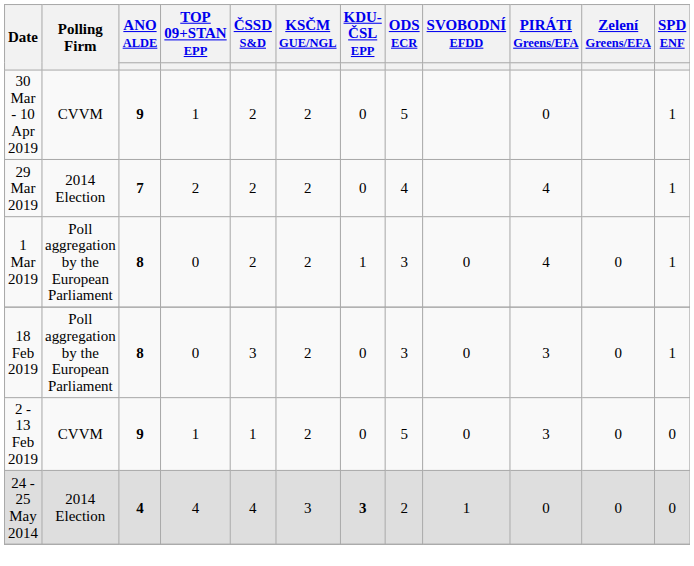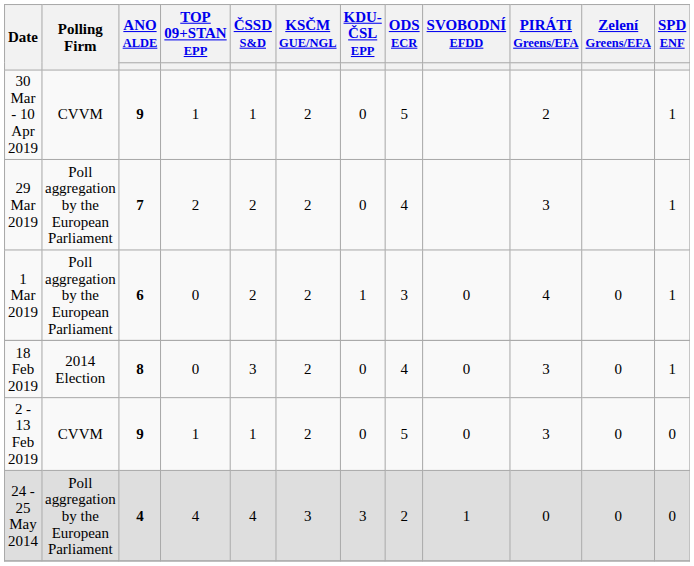 <table class="wikitable sortable" style="text-align:center; font-size:90%; line-height:16px; width:100%">
 <tr style="height:42px;">
 <th style="width:90px;" rowspan="2">Date</th>
 <th style="width:200px;" rowspan="2">Polling Firm</th>
 <th><a href='#'><span>ANO</span></a><br><small><a href='#'>ALDE</a></small></th>
 <th><a href='#'><span>TOP 09+STAN</span></a><br><small><a href='#'>EPP</a></small></th>
 <th><a href='#'><span>ČSSD</span></a><br><small><a href='#'>S&D</a></small></th>
 <th><a href='#'><span>KSČM</span></a><br><small><a href='#'>GUE/NGL</a></small></th>
 <th><a href='#'><span>KDU-ČSL</span></a><br><small><a href='#'>EPP</a></small></th>
 <th><a href='#'><span>ODS</span></a><br><small><a href='#'>ECR</a></small></th>
 <th><a href='#'><span>SVOBODNÍ</span></a><br><small><a href='#'>EFDD</a></small></th>
 <th><a href='#'><span>PIRÁTI</span></a><br><small><a href='#'>Greens/EFA</a></small></th>
 <th><a href='#'><span>Zelení</span></a><br><small><a href='#'>Greens/EFA</a></small></th>
 <th><a href='#'><span>SPD</span></a><br><small><a href='#'>ENF</a></small></th>
 </tr>
 <tr>
 <th style="color:inherit;background:"></th>
 <th style="color:inherit;background:"></th>
 <th style="color:inherit;background:"></th>
 <th style="color:inherit;background:"></th>
 <th style="color:inherit;background:"></th>
 <th style="color:inherit;background:"></th>
 <th style="color:inherit;background:"></th>
 <th style="color:inherit;background:"></th>
 <th style="color:inherit;background:"></th>
 <th style="color:inherit;background:"></th>
 </tr>
 <tr>
 <td data-sort-value="2019-04-10">30 Mar - 10 Apr 2019</td>
 <td>CVVM</td>
 <td><strong>9</strong></td>
 <td>1</td>
-<td>2</td>
+<td>1</td>
 <td>2</td>
 <td>0</td>
 <td>5</td>
 <td></td>
-<td>0</td>
+<td>2</td>
 <td></td>
 <td>1</td>
 </tr>
 <tr>
 <td data-sort-value="2019-03-29">29 Mar 2019</td>
-<td>2014 Election</td>
+<td>Poll aggregation by the European Parliament</td>
 <td><strong>7</strong></td>
 <td>2</td>
 <td>2</td>
 <td>2</td>
 <td>0</td>
 <td>4</td>
 <td></td>
-<td>4</td>
+<td>3</td>
 <td></td>
 <td>1</td>
 </tr>
 <tr>
 <td data-sort-value="2019-03-01">1 Mar 2019</td>
 <td>Poll aggregation by the European Parliament </td>
-<td><strong>8</strong></td>
+<td><strong>6</strong></td>
 <td>0</td>
 <td>2</td>
 <td>2</td>
 <td>1</td>
 <td>3</td>
 <td>0</td>
 <td>4</td>
 <td>0</td>
 <td>1</td>
 </tr>
 <tr>
 </tr>
 <tr>
 <td data-sort-value="2019-02-18">18 Feb 2019</td>
-<td>Poll aggregation by the European Parliament</td>
+<td>2014 Election</td>
 <td><strong>8</strong></td>
 <td>0</td>
 <td>3</td>
 <td>2</td>
 <td>0</td>
-<td>3</td>
+<td>4</td>
 <td>0</td>
 <td>3</td>
 <td>0</td>
 <td>1</td>
 </tr>
 <tr>
 <td data-sort-value="2019-02-13">2 - 13 Feb 2019</td>
 <td>CVVM</td>
 <td><strong>9</strong></td>
 <td>1</td>
 <td>1</td>
 <td>2</td>
 <td>0</td>
 <td>5</td>
 <td>0</td>
 <td>3</td>
 <td>0</td>
 <td>0</td>
 </tr>
 <tr style="background-color:#DEDEDE;">
 <td data-sort-value="2014-05-25">24 - 25 May 2014</td>
-<td>2014 Election</td>
+<td>Poll aggregation by the European Parliament</td>
 <td><strong>4</strong></td>
 <td>4</td>
 <td>4</td>
 <td>3</td>
-<td><strong>3</strong></td>
+<td>3</td>
 <td>2</td>
 <td>1</td>
 <td>0</td>
 <td>0</td>
 <td>0</td>
 </tr>
 <tr>
 </tr>
 </table>
